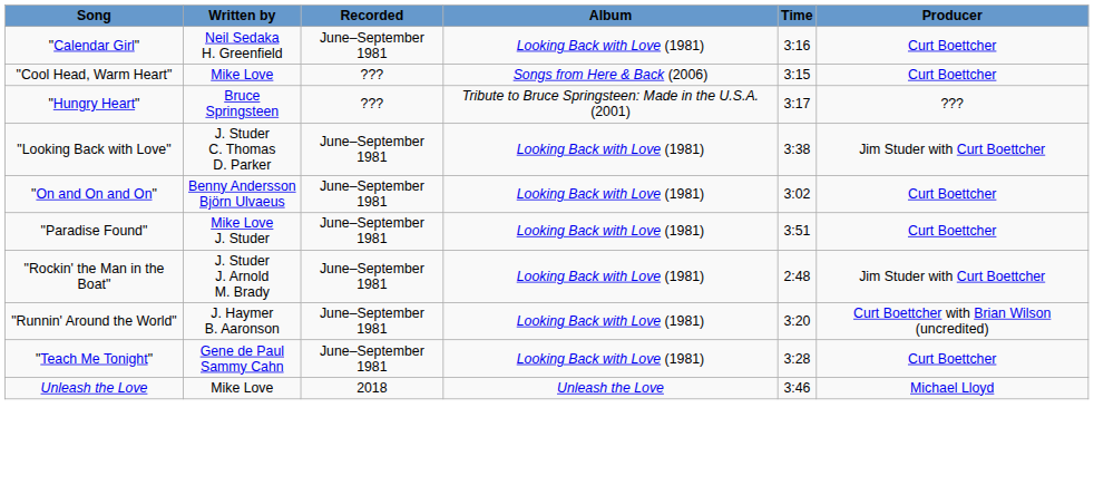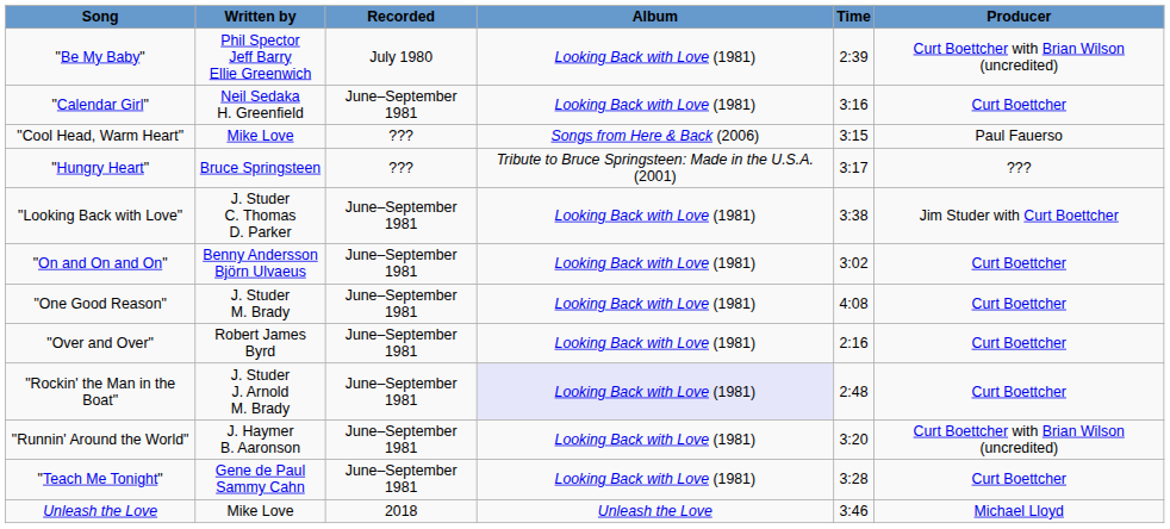 <table class="wikitable sortable" style="margin:0.5em auto; clear: both; text-align: center; width:100%; font-size:90%”">
 <tr>
 <th style="background: #69C;">Song</th>
 <th style="background: #69C;">Written by</th>
 <th style="background: #69C;">Recorded</th>
 <th style="background: #69C;">Album</th>
 <th style="background: #69C;">Time</th>
 <th style="background: #69C;">Producer</th>
+</tr>
+<tr>
+<td>"<a href='#'>Be My Baby</a>"</td>
+<td><a href='#'>Phil Spector</a><br><a href='#'>Jeff Barry</a><br><a href='#'>Ellie Greenwich</a></td>
+<td>July 1980</td>
+<td><em><a href='#'>Looking Back with Love</a></em> (1981)</td>
+<td>2:39</td>
+<td><a href='#'>Curt Boettcher</a> with <a href='#'>Brian Wilson</a> (uncredited)</td>
 </tr>
 <tr>
 <td>"<a href='#'>Calendar Girl</a>"</td>
 <td><a href='#'>Neil Sedaka</a><br>H. Greenfield</td>
 <td>June–September 1981</td>
 <td><em><a href='#'>Looking Back with Love</a></em> (1981)</td>
 <td>3:16</td>
 <td><a href='#'>Curt Boettcher</a></td>
 </tr>
 <tr>
 <td>"Cool Head, Warm Heart"</td>
 <td><a href='#'>Mike Love</a></td>
 <td>???</td>
 <td><em><a href='#'>Songs from Here & Back</a></em> (2006)</td>
 <td>3:15</td>
-<td><a href='#'>Curt Boettcher</a></td>
+<td>Paul Fauerso</td>
 </tr>
 <tr>
 <td>"<a href='#'>Hungry Heart</a>"</td>
 <td><a href='#'>Bruce Springsteen</a></td>
 <td>???</td>
 <td><em>Tribute to Bruce Springsteen: Made in the U.S.A.</em> (2001)</td>
 <td>3:17</td>
 <td>???</td>
 </tr>
 <tr>
 <td>"Looking Back with Love"</td>
 <td>J. Studer<br>C. Thomas<br>D. Parker</td>
 <td>June–September 1981</td>
 <td><em><a href='#'>Looking Back with Love</a></em> (1981)</td>
 <td>3:38</td>
 <td>Jim Studer with <a href='#'>Curt Boettcher</a></td>
 </tr>
 <tr>
 <td>"<a href='#'>On and On and On</a>"</td>
 <td><a href='#'>Benny Andersson</a><br><a href='#'>Björn Ulvaeus</a></td>
 <td>June–September 1981</td>
 <td><em><a href='#'>Looking Back with Love</a></em> (1981)</td>
 <td>3:02</td>
 <td><a href='#'>Curt Boettcher</a></td>
 </tr>
 <tr>
-<td>"Paradise Found"</td>
-<td><a href='#'>Mike Love</a><br>J. Studer</td>
+<td>"One Good Reason"</td>
+<td>J. Studer<br>M. Brady</td>
 <td>June–September 1981</td>
 <td><em><a href='#'>Looking Back with Love</a></em> (1981)</td>
-<td>3:51</td>
+<td>4:08</td>
+<td><a href='#'>Curt Boettcher</a></td>
+</tr>
+<tr>
+<td>"Over and Over"</td>
+<td>Robert James Byrd</td>
+<td>June–September 1981</td>
+<td><em><a href='#'>Looking Back with Love</a></em> (1981)</td>
+<td>2:16</td>
 <td><a href='#'>Curt Boettcher</a></td>
 </tr>
 <tr>
 <td>"Rockin' the Man in the Boat"</td>
 <td>J. Studer<br>J. Arnold<br>M. Brady</td>
 <td>June–September 1981</td>
-<td><em><a href='#'>Looking Back with Love</a></em> (1981)</td>
+<td style="background: lavender;"><em><a href='#'>Looking Back with Love</a></em> (1981)</td>
 <td>2:48</td>
-<td>Jim Studer with <a href='#'>Curt Boettcher</a></td>
+<td><a href='#'>Curt Boettcher</a></td>
 </tr>
 <tr>
 <td>"Runnin' Around the World"</td>
 <td>J. Haymer<br>B. Aaronson</td>
 <td>June–September 1981</td>
 <td><em><a href='#'>Looking Back with Love</a></em> (1981)</td>
 <td>3:20</td>
 <td><a href='#'>Curt Boettcher</a> with <a href='#'>Brian Wilson</a> (uncredited)</td>
 </tr>
 <tr>
 <td>"<a href='#'>Teach Me Tonight</a>"</td>
 <td><a href='#'>Gene de Paul</a><br><a href='#'>Sammy Cahn</a></td>
 <td>June–September 1981</td>
 <td><em><a href='#'>Looking Back with Love</a></em> (1981)</td>
 <td>3:28</td>
 <td><a href='#'>Curt Boettcher</a></td>
 </tr>
 <tr>
 <td><em><a href='#'>Unleash the Love</a></em></td>
 <td>Mike Love</td>
 <td>2018</td>
 <td><em><a href='#'>Unleash the Love</a></em></td>
 <td>3:46</td>
 <td><a href='#'>Michael Lloyd</a></td>
 </tr>
 </table>
